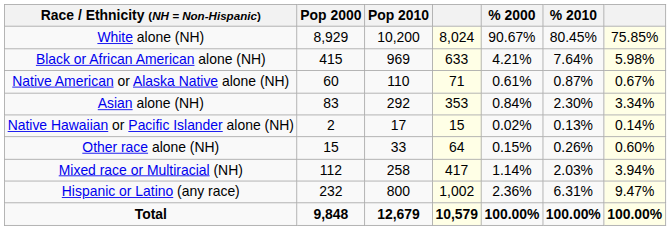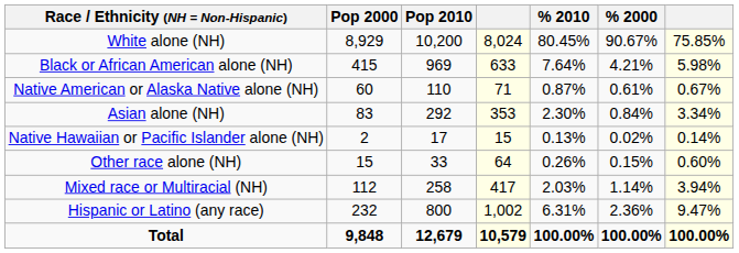 <table class="wikitable" style="text-align:center;">
 <tr>
 <th>Race / Ethnicity <small>(<em>NH = Non-Hispanic</em>)</small></th>
 <th>Pop 2000</th>
 <th>Pop 2010</th>
 <th></th>
+<th>% 2010</th>
 <th>% 2000</th>
-<th>% 2010</th>
 <th></th>
 </tr>
 <tr>
 <td><a href='#'>White</a> alone (NH)</td>
 <td>8,929</td>
 <td>10,200</td>
 <td style='background: #ffffe6;'>8,024</td>
+<td>80.45%</td>
 <td>90.67%</td>
-<td>80.45%</td>
 <td style='background: #ffffe6;'>75.85%</td>
 </tr>
 <tr>
 <td><a href='#'>Black or African American</a> alone (NH)</td>
 <td>415</td>
 <td>969</td>
 <td style='background: #ffffe6;'>633</td>
+<td>7.64%</td>
 <td>4.21%</td>
-<td>7.64%</td>
 <td style='background: #ffffe6;'>5.98%</td>
 </tr>
 <tr>
 <td><a href='#'>Native American</a> or <a href='#'>Alaska Native</a> alone (NH)</td>
 <td>60</td>
 <td>110</td>
 <td style='background: #ffffe6;'>71</td>
+<td>0.87%</td>
 <td>0.61%</td>
-<td>0.87%</td>
 <td style='background: #ffffe6;'>0.67%</td>
 </tr>
 <tr>
 <td><a href='#'>Asian</a> alone (NH)</td>
 <td>83</td>
 <td>292</td>
 <td style='background: #ffffe6;'>353</td>
+<td>2.30%</td>
 <td>0.84%</td>
-<td>2.30%</td>
 <td style='background: #ffffe6;'>3.34%</td>
 </tr>
 <tr>
 <td><a href='#'>Native Hawaiian</a> or <a href='#'>Pacific Islander</a> alone (NH)</td>
 <td>2</td>
 <td>17</td>
 <td style='background: #ffffe6;'>15</td>
+<td>0.13%</td>
 <td>0.02%</td>
-<td>0.13%</td>
 <td style='background: #ffffe6;'>0.14%</td>
 </tr>
 <tr>
 <td><a href='#'>Other race</a> alone (NH)</td>
 <td>15</td>
 <td>33</td>
 <td style='background: #ffffe6;'>64</td>
+<td>0.26%</td>
 <td>0.15%</td>
-<td>0.26%</td>
 <td style='background: #ffffe6;'>0.60%</td>
 </tr>
 <tr>
 <td><a href='#'>Mixed race or Multiracial</a> (NH)</td>
 <td>112</td>
 <td>258</td>
 <td style='background: #ffffe6;'>417</td>
+<td>2.03%</td>
 <td>1.14%</td>
-<td>2.03%</td>
 <td style='background: #ffffe6;'>3.94%</td>
 </tr>
 <tr>
 <td><a href='#'>Hispanic or Latino</a> (any race)</td>
 <td>232</td>
 <td>800</td>
 <td style='background: #ffffe6;'>1,002</td>
+<td>6.31%</td>
 <td>2.36%</td>
-<td>6.31%</td>
 <td style='background: #ffffe6;'>9.47%</td>
 </tr>
 <tr>
 <td><strong>Total</strong></td>
 <td><strong>9,848</strong></td>
 <td><strong>12,679</strong></td>
 <td style='background: #ffffe6;'><strong>10,579</strong></td>
 <td><strong>100.00%</strong></td>
 <td><strong>100.00%</strong></td>
 <td style='background: #ffffe6;'><strong>100.00%</strong></td>
 </tr>
 </table>
